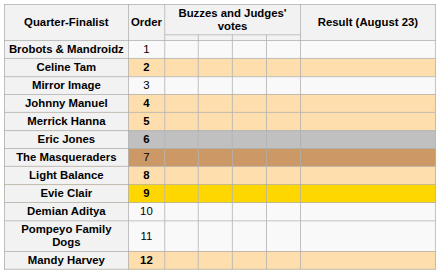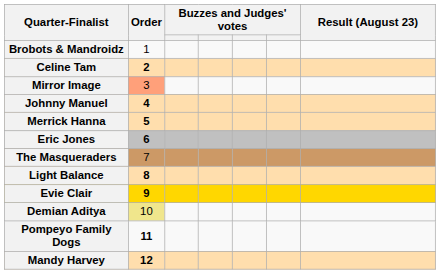 <table class="wikitable plainrowheaders sortable" style="text-align:center;">
 <tr>
 <th scope="col" rowspan="2" class="unsortable" style="width:17em;">Quarter-Finalist</th>
 <th scope="col" rowspan="2" style="width:1em;">Order</th>
 <th scope="col" colspan="4" class="unsortable" style="width:24em;">Buzzes and Judges' votes</th>
 <th scope="col" rowspan="2" style="width:25em;">Result (August 23)</th>
 </tr>
 <tr>
 <th scope="col" class="unsortable" style="width:6em;"></th>
 <th scope="col" class="unsortable" style="width:6em;"></th>
 <th scope="col" class="unsortable" style="width:6em;"></th>
 <th scope="col" class="unsortable" style="width:6em;"></th>
 </tr>
 <tr>
 <th scope="row">Brobots & Mandroidz</th>
 <td>1</td>
 <td style="text-align:center;"></td>
 <td style="text-align:center;"></td>
 <td style="text-align:center;"></td>
 <td style="text-align:center;"></td>
 <td></td>
 </tr>
 <tr style="background:NavajoWhite;">
 <th scope="row"><strong>Celine Tam</strong></th>
 <td><strong>2</strong></td>
 <td style="text-align:center;"></td>
 <td style="text-align:center;"></td>
 <td style="text-align:center;"></td>
 <td style="text-align:center;"></td>
 <td><strong></strong></td>
 </tr>
 <tr>
 <th scope="row">Mirror Image</th>
-<td>3</td>
+<td style="background: lightsalmon;">3</td>
 <td style="text-align:center;"></td>
 <td style="text-align:center;"></td>
 <td style="text-align:center;"></td>
 <td style="text-align:center;"></td>
 <td></td>
 </tr>
 <tr style="background:NavajoWhite;">
 <th scope="row"><strong>Johnny Manuel</strong></th>
 <td><strong>4</strong></td>
 <td style="text-align:center;"></td>
 <td style="text-align:center;"></td>
 <td style="text-align:center;"></td>
 <td style="text-align:center;"></td>
 <td><strong></strong></td>
 </tr>
 <tr style="background:NavajoWhite;">
 <th scope="row"><strong>Merrick Hanna</strong></th>
 <td><strong>5</strong></td>
 <td style="text-align:center;"></td>
 <td style="text-align:center;"></td>
 <td style="text-align:center;"></td>
 <td style="text-align:center;"></td>
 <td><strong></strong></td>
 </tr>
 <tr style="background:silver;">
 <th scope="row"><strong>Eric Jones</strong></th>
 <td><strong>6</strong></td>
 <td style="text-align:center;"></td>
 <td style="text-align:center;"></td>
 <td style="text-align:center;"></td>
 <td style="text-align:center;"></td>
 <td><strong></strong></td>
 </tr>
 <tr style="background:#c96;">
 <th scope="row">The Masqueraders</th>
 <td>7</td>
 <td style="text-align:center;"></td>
 <td style="text-align:center;"></td>
 <td style="text-align:center;"></td>
 <td style="text-align:center;"></td>
 <td></td>
 </tr>
 <tr style="background:NavajoWhite;">
 <th scope="row"><strong>Light Balance</strong> </th>
 <td><strong>8</strong></td>
 <td style="text-align:center;"></td>
 <td style="text-align:center;"></td>
 <td style="text-align:center;"></td>
 <td style="text-align:center;"></td>
 <td><strong></strong></td>
 </tr>
 <tr style="background:gold;">
 <th scope="row"><strong>Evie Clair</strong></th>
 <td><strong>9</strong></td>
 <td style="text-align:center;"></td>
 <td style="text-align:center;"></td>
 <td style="text-align:center;"></td>
 <td style="text-align:center;"></td>
 <td><strong></strong></td>
 </tr>
 <tr>
 <th scope="row">Demian Aditya </th>
-<td>10</td>
+<td style="background: khaki;">10</td>
 <td style="text-align:center;"></td>
 <td style="text-align:center;"></td>
 <td style="text-align:center;"></td>
 <td style="text-align:center;"></td>
 <td></td>
 </tr>
 <tr>
 <th scope="row">Pompeyo Family Dogs </th>
-<td>11</td>
+<td><strong>11</strong></td>
 <td style="text-align:center;"></td>
 <td style="text-align:center;"></td>
 <td style="text-align:center;"></td>
 <td style="text-align:center;"></td>
 <td></td>
 </tr>
 <tr style="background:NavajoWhite;">
 <th scope="row"><strong>Mandy Harvey</strong></th>
 <td><strong>12</strong></td>
 <td style="text-align:center;"></td>
 <td style="text-align:center;"></td>
 <td style="text-align:center;"></td>
 <td style="text-align:center;"></td>
 <td><strong></strong></td>
 </tr>
 </table>
